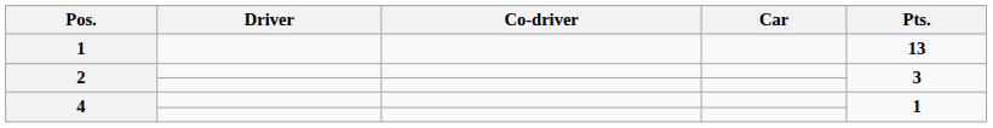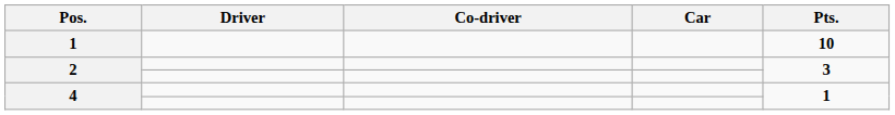 <table class="wikitable" width=60% style="font-size: 85%;">
 <tr>
 <th>Pos.</th>
 <th>Driver</th>
 <th>Co-driver</th>
 <th>Car</th>
 <th>Pts.</th>
 </tr>
 <tr>
 <th>1</th>
 <td></td>
 <td></td>
 <td></td>
-<td align="center"><strong>13</strong></td>
+<td align="center"><strong>10</strong></td>
 </tr>
 <tr>
 <th rowspan=2>2</th>
 <td></td>
 <td></td>
 <td></td>
 <td rowspan="2" align="center"><strong>3</strong></td>
 </tr>
 <tr>
 <td></td>
 <td></td>
 <td></td>
 </tr>
 <tr>
 <th rowspan=2>4</th>
 <td></td>
 <td></td>
 <td></td>
 <td rowspan="2" align="center"><strong>1</strong></td>
 </tr>
 <tr>
 <td></td>
 <td></td>
 <td></td>
 </tr>
 </table>
